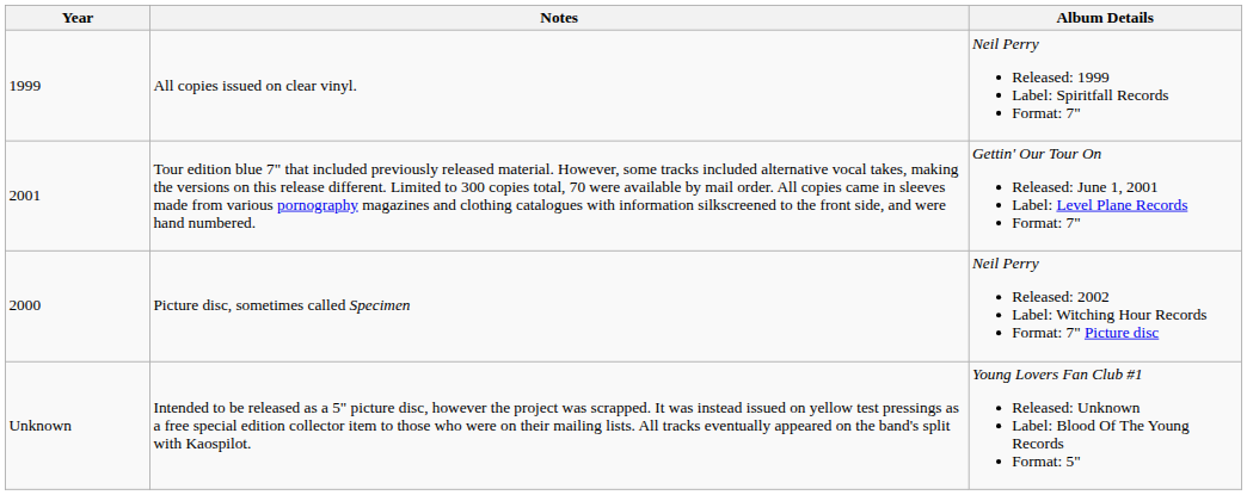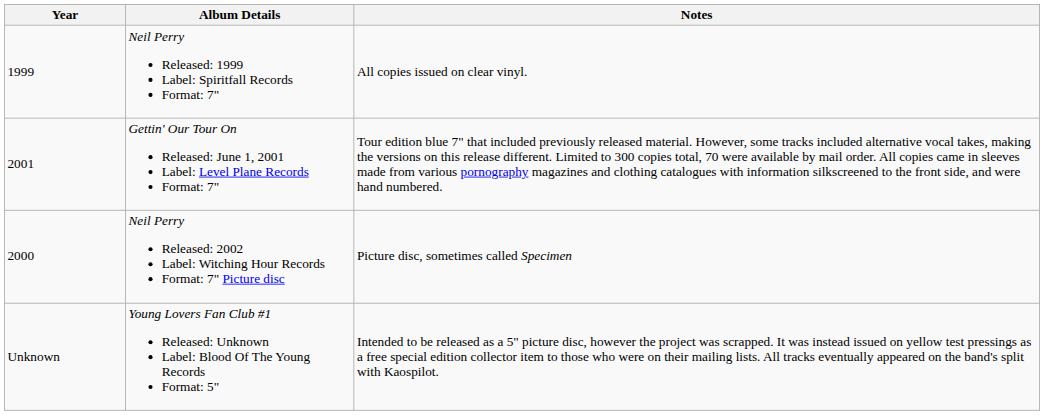 <table class ="wikitable">
 <tr>
 <th style="width: 5%">Year</th>
+<th style="width:10%">Album Details</th>
 <th style="width:30%">Notes</th>
-<th style="width:10%">Album Details</th>
 </tr>
 <tr>
 <td>1999</td>
+<td><em>Neil Perry</em><br><ul><li>Released: 1999</li><li>Label: Spiritfall Records</li><li>Format: 7"</li></ul></td>
 <td>All copies issued on clear vinyl.</td>
-<td><em>Neil Perry</em><br><ul><li>Released: 1999</li><li>Label: Spiritfall Records</li><li>Format: 7"</li></ul></td>
 </tr>
 <tr>
 <td>2001</td>
+<td><em>Gettin' Our Tour On</em><br><ul><li>Released: June 1, 2001</li><li>Label: <a href='#'>Level Plane Records</a></li><li>Format: 7"</li></ul></td>
 <td>Tour edition blue 7" that included previously released material. However, some tracks included alternative vocal takes, making the versions on this release different. Limited to 300 copies total, 70 were available by mail order. All copies came in sleeves made from various <a href='#'>pornography</a> magazines and clothing catalogues with information silkscreened to the front side, and were hand numbered.</td>
-<td><em>Gettin' Our Tour On</em><br><ul><li>Released: June 1, 2001</li><li>Label: <a href='#'>Level Plane Records</a></li><li>Format: 7"</li></ul></td>
 </tr>
 <tr>
 <td>2000</td>
+<td><em>Neil Perry</em><br><ul><li>Released: 2002</li><li>Label: Witching Hour Records</li><li>Format: 7" <a href='#'>Picture disc</a></li></ul></td>
 <td>Picture disc, sometimes called <em>Specimen</em></td>
-<td><em>Neil Perry</em><br><ul><li>Released: 2002</li><li>Label: Witching Hour Records</li><li>Format: 7" <a href='#'>Picture disc</a></li></ul></td>
 </tr>
 <tr>
 <td>Unknown</td>
+<td><em>Young Lovers Fan Club #1</em><br><ul><li>Released: Unknown</li><li>Label: Blood Of The Young Records</li><li>Format: 5"</li></ul></td>
 <td>Intended to be released as a 5" picture disc, however the project was scrapped. It was instead issued on yellow test pressings as a free special edition collector item to those who were on their mailing lists. All tracks eventually appeared on the band's split with Kaospilot.</td>
-<td><em>Young Lovers Fan Club #1</em><br><ul><li>Released: Unknown</li><li>Label: Blood Of The Young Records</li><li>Format: 5"</li></ul></td>
 </tr>
 </table>
